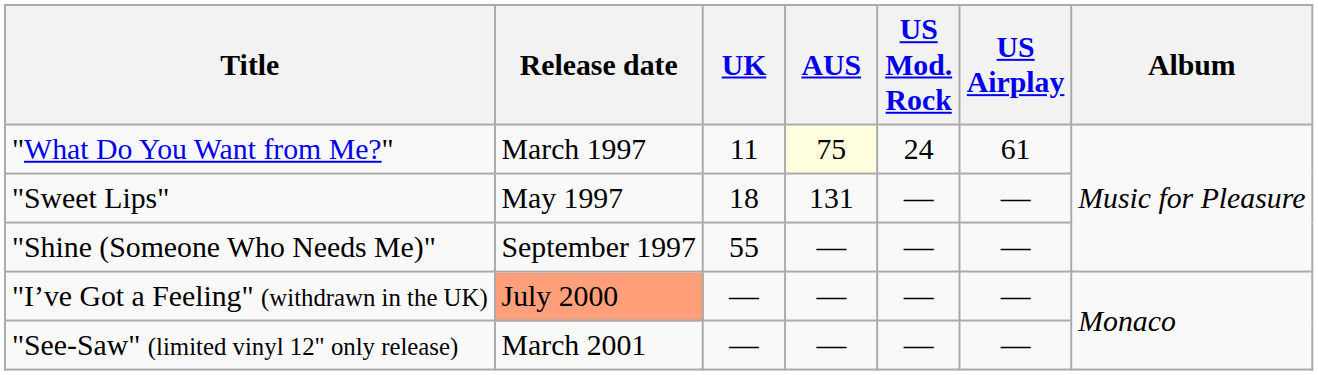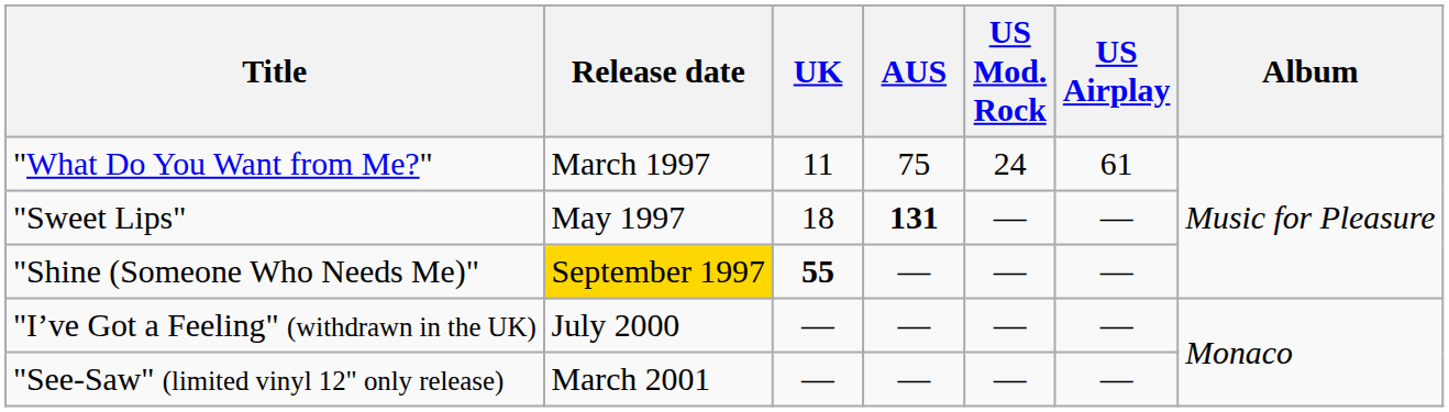 <table class="wikitable" style="font-size:95%">
 <tr>
 <th>Title</th>
 <th>Release date</th>
 <th width="35"><a href='#'>UK</a><br></th>
 <th width="40"><a href='#'>AUS</a><br></th>
 <th width="35"><a href='#'>US<br>Mod. Rock</a></th>
 <th width="40"><a href='#'>US<br>Airplay</a></th>
 <th>Album</th>
 </tr>
 <tr>
 <td align=left>"<a href='#'>What Do You Want from Me?</a>"</td>
 <td align=left>March 1997</td>
 <td align=center>11</td>
-<td align=center style="background: lightyellow;">75</td>
+<td align=center>75</td>
 <td align=center>24</td>
 <td align=center>61</td>
 <td align=left rowspan="3"><em>Music for Pleasure</em></td>
 </tr>
 <tr>
 <td align=left>"Sweet Lips"</td>
 <td align=left>May 1997</td>
 <td align=center>18</td>
-<td align=center>131</td>
+<td align=center><strong>131</strong></td>
 <td align=center>—</td>
 <td align=center>—</td>
 </tr>
 <tr>
 <td align=left>"Shine (Someone Who Needs Me)"</td>
-<td align=left>September 1997</td>
-<td align=center>55</td>
+<td align=left style="background: gold;">September 1997</td>
+<td align=center><strong>55</strong></td>
 <td align=center>—</td>
 <td align=center>—</td>
 <td align=center>—</td>
 </tr>
 <tr>
 <td align=left>"I’ve Got a Feeling" <small>(withdrawn in the UK)</small></td>
-<td align=left style="background: lightsalmon;">July 2000</td>
+<td align=left>July 2000</td>
 <td align=center>—</td>
 <td align=center>—</td>
 <td align=center>—</td>
 <td align=center>—</td>
 <td align=left rowspan="2"><em>Monaco</em></td>
 </tr>
 <tr>
 <td align=left>"See-Saw" <small>(limited vinyl 12" only release)</small></td>
 <td align=left>March 2001</td>
 <td align=center>—</td>
 <td align=center>—</td>
 <td align=center>—</td>
 <td align=center>—</td>
 </tr>
 </table>
